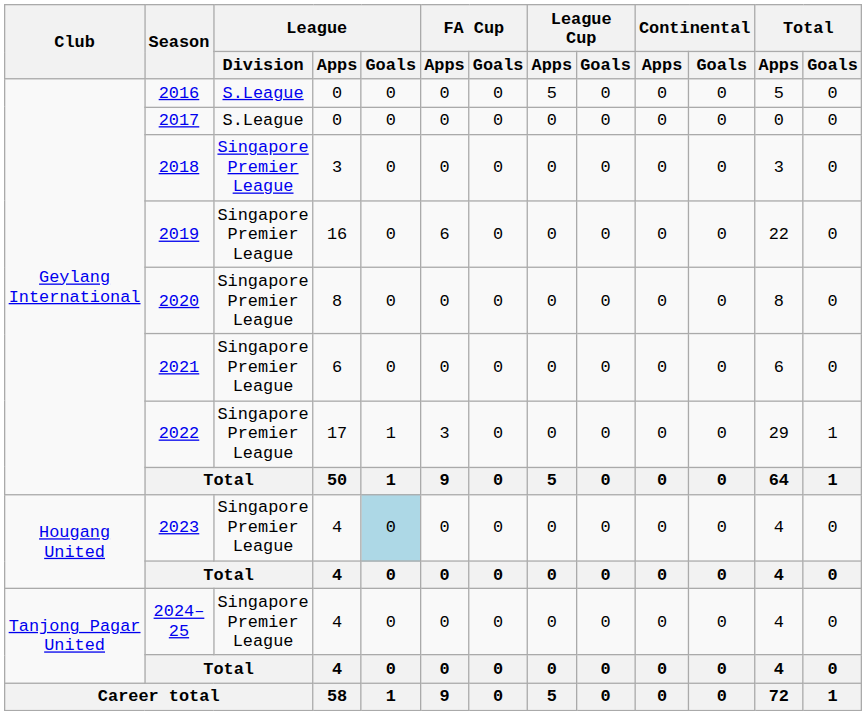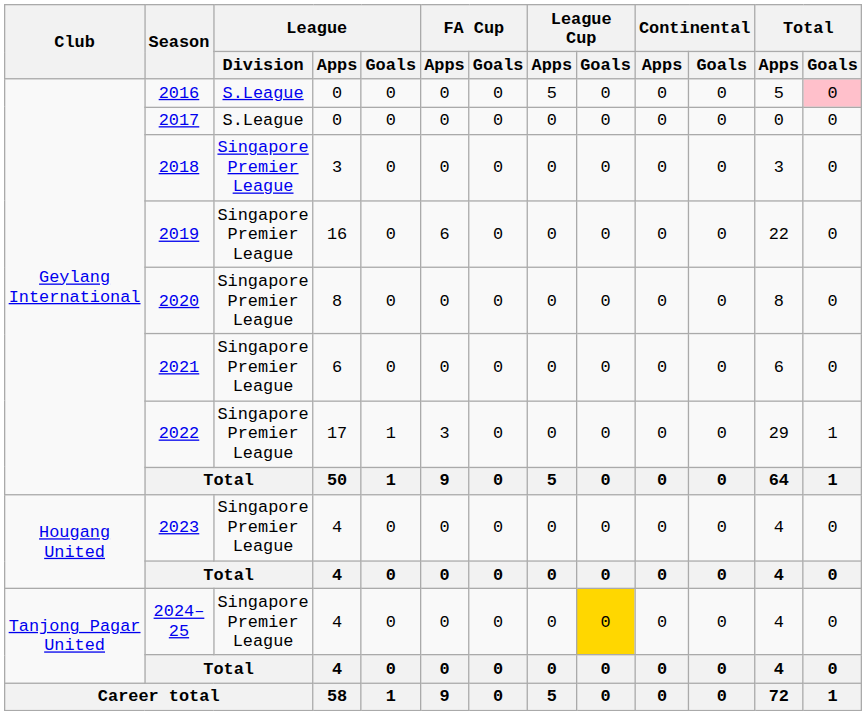 <table class="wikitable" style="text-align: center">
 <tr>
 <th rowspan="2">Club</th>
 <th rowspan="2">Season</th>
 <th colspan="3">League</th>
 <th colspan="2">FA Cup</th>
 <th colspan="2">League Cup</th>
 <th colspan="2">Continental</th>
 <th colspan="2">Total</th>
 </tr>
 <tr>
 <th>Division</th>
 <th>Apps</th>
 <th>Goals</th>
 <th>Apps</th>
 <th>Goals</th>
 <th>Apps</th>
 <th>Goals</th>
 <th>Apps</th>
 <th>Goals</th>
 <th>Apps</th>
 <th>Goals</th>
 </tr>
 <tr>
 <td rowspan="8"><a href='#'>Geylang International</a></td>
 <td><a href='#'>2016</a></td>
 <td><a href='#'>S.League</a></td>
 <td>0</td>
 <td>0</td>
 <td>0</td>
 <td>0</td>
 <td>5</td>
 <td>0</td>
 <td>0</td>
 <td>0</td>
 <td>5</td>
-<td>0</td>
+<td style="background: pink;">0</td>
 </tr>
 <tr>
 <td><a href='#'>2017</a></td>
 <td>S.League</td>
 <td>0</td>
 <td>0</td>
 <td>0</td>
 <td>0</td>
 <td>0</td>
 <td>0</td>
 <td>0</td>
 <td>0</td>
 <td>0</td>
 <td>0</td>
 </tr>
 <tr>
 <td><a href='#'>2018</a></td>
 <td><a href='#'>Singapore Premier League</a></td>
 <td>3</td>
 <td>0</td>
 <td>0</td>
 <td>0</td>
 <td>0</td>
 <td>0</td>
 <td>0</td>
 <td>0</td>
 <td>3</td>
 <td>0</td>
 </tr>
 <tr>
 <td><a href='#'>2019</a></td>
 <td>Singapore Premier League</td>
 <td>16</td>
 <td>0</td>
 <td>6</td>
 <td>0</td>
 <td>0</td>
 <td>0</td>
 <td>0</td>
 <td>0</td>
 <td>22</td>
 <td>0</td>
 </tr>
 <tr>
 <td><a href='#'>2020</a></td>
 <td>Singapore Premier League</td>
 <td>8</td>
 <td>0</td>
 <td>0</td>
 <td>0</td>
 <td>0</td>
 <td>0</td>
 <td>0</td>
 <td>0</td>
 <td>8</td>
 <td>0</td>
 </tr>
 <tr>
 <td><a href='#'>2021</a></td>
 <td>Singapore Premier League</td>
 <td>6</td>
 <td>0</td>
 <td>0</td>
 <td>0</td>
 <td>0</td>
 <td>0</td>
 <td>0</td>
 <td>0</td>
 <td>6</td>
 <td>0</td>
 </tr>
 <tr>
 <td><a href='#'>2022</a></td>
 <td>Singapore Premier League</td>
 <td>17</td>
 <td>1</td>
 <td>3</td>
 <td>0</td>
 <td>0</td>
 <td>0</td>
 <td>0</td>
 <td>0</td>
 <td>29</td>
 <td>1</td>
 </tr>
 <tr>
 <th colspan=2>Total</th>
 <th>50</th>
 <th>1</th>
 <th>9</th>
 <th>0</th>
 <th>5</th>
 <th>0</th>
 <th>0</th>
 <th>0</th>
 <th>64</th>
 <th>1</th>
 </tr>
 <tr>
 <td rowspan="2"><a href='#'>Hougang United</a></td>
 <td><a href='#'>2023</a></td>
 <td>Singapore Premier League</td>
 <td>4</td>
-<td style="background: lightblue;">0</td>
+<td>0</td>
 <td>0</td>
 <td>0</td>
 <td>0</td>
 <td>0</td>
 <td>0</td>
 <td>0</td>
 <td>4</td>
 <td>0</td>
 </tr>
 <tr>
 <th colspan=2>Total</th>
 <th>4</th>
 <th>0</th>
 <th>0</th>
 <th>0</th>
 <th>0</th>
 <th>0</th>
 <th>0</th>
 <th>0</th>
 <th>4</th>
 <th>0</th>
 </tr>
 <tr>
 <td rowspan="2"><a href='#'>Tanjong Pagar United</a></td>
 <td><a href='#'>2024–25</a></td>
 <td>Singapore Premier League</td>
 <td>4</td>
 <td>0</td>
 <td>0</td>
 <td>0</td>
 <td>0</td>
-<td>0</td>
+<td style="background: gold;">0</td>
 <td>0</td>
 <td>0</td>
 <td>4</td>
 <td>0</td>
 </tr>
 <tr>
 <th colspan=2>Total</th>
 <th>4</th>
 <th>0</th>
 <th>0</th>
 <th>0</th>
 <th>0</th>
 <th>0</th>
 <th>0</th>
 <th>0</th>
 <th>4</th>
 <th>0</th>
 </tr>
 <tr>
 <th colspan=3>Career total</th>
 <th>58</th>
 <th>1</th>
 <th>9</th>
 <th>0</th>
 <th>5</th>
 <th>0</th>
 <th>0</th>
 <th>0</th>
 <th>72</th>
 <th>1</th>
 </tr>
 </table>
